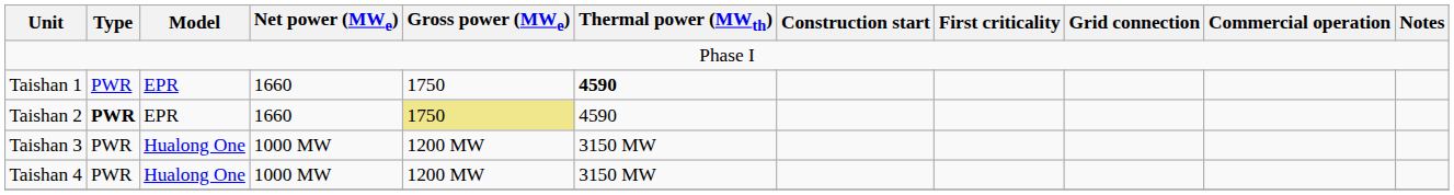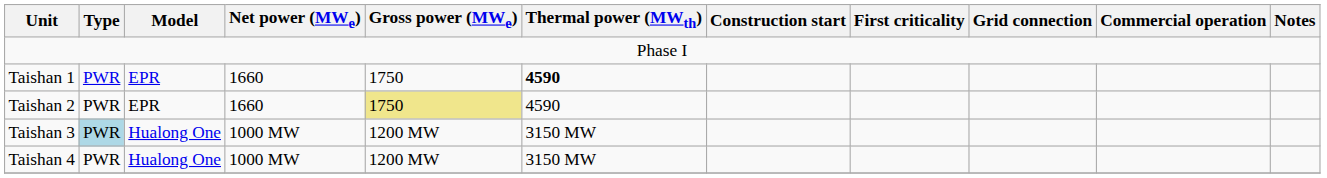 <table class="wikitable">
 <tr>
 <th>Unit</th>
 <th>Type</th>
 <th>Model</th>
 <th>Net power (<a href='#'>MW<sub>e</sub></a>)</th>
 <th>Gross power (<a href='#'>MW<sub>e</sub></a>)</th>
 <th>Thermal power (<a href='#'>MW<sub>th</sub></a>)</th>
 <th>Construction start</th>
 <th>First criticality</th>
 <th>Grid connection</th>
 <th>Commercial operation</th>
 <th>Notes</th>
 </tr>
 <tr>
 <td colspan="11" align="center">Phase I</td>
 </tr>
 <tr>
 <td>Taishan 1</td>
 <td><a href='#'>PWR</a></td>
 <td><a href='#'>EPR</a></td>
 <td>1660</td>
 <td>1750</td>
 <td><strong>4590</strong></td>
 <td></td>
 <td></td>
 <td></td>
 <td></td>
 <td></td>
 </tr>
 <tr>
 <td>Taishan 2</td>
-<td><strong>PWR</strong></td>
+<td>PWR</td>
 <td>EPR</td>
 <td>1660</td>
 <td style="background: khaki;">1750</td>
 <td>4590</td>
 <td></td>
 <td></td>
 <td></td>
 <td></td>
 <td></td>
 </tr>
 <tr>
 <td>Taishan 3</td>
-<td>PWR</td>
+<td style="background: lightblue;">PWR</td>
 <td><a href='#'>Hualong One</a></td>
 <td>1000 MW</td>
 <td>1200 MW</td>
 <td>3150 MW</td>
 <td></td>
 <td></td>
 <td></td>
 <td></td>
 <td></td>
 </tr>
 <tr>
 <td>Taishan 4</td>
 <td>PWR</td>
 <td><a href='#'>Hualong One</a></td>
 <td>1000 MW</td>
 <td>1200 MW</td>
 <td>3150 MW</td>
 <td></td>
 <td></td>
 <td></td>
 <td></td>
 <td></td>
 </tr>
 <tr>
 </tr>
 </table>
